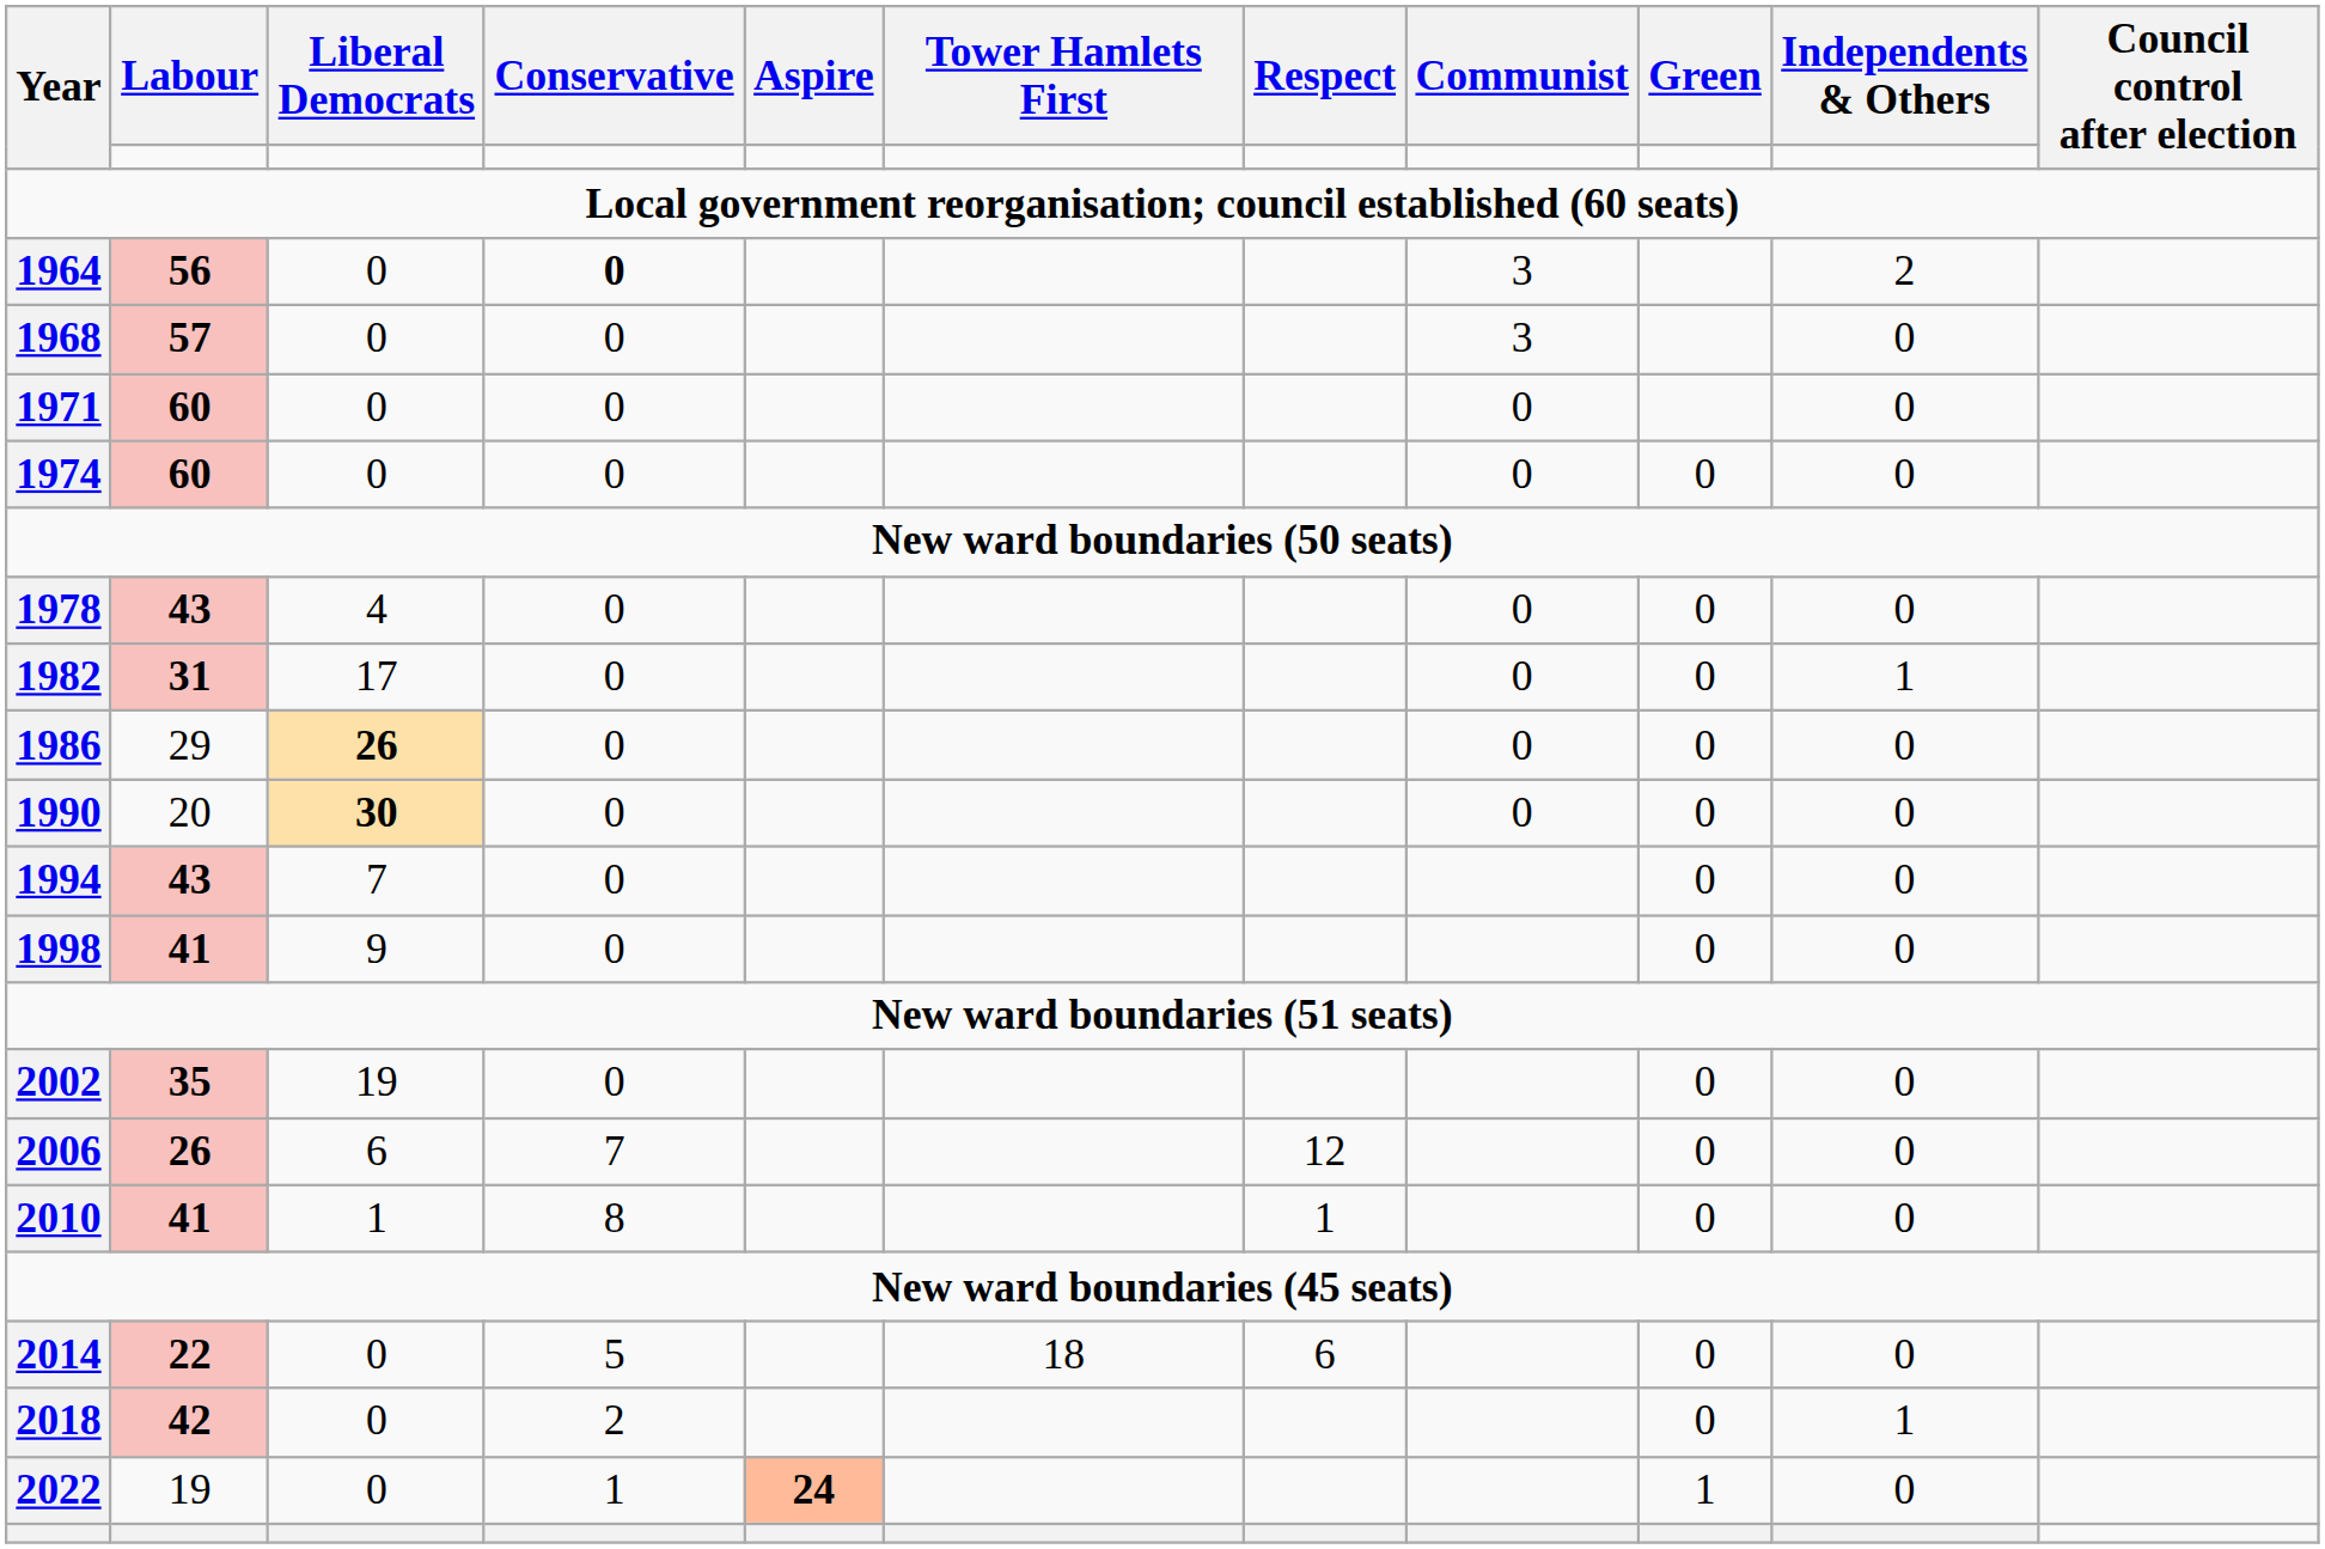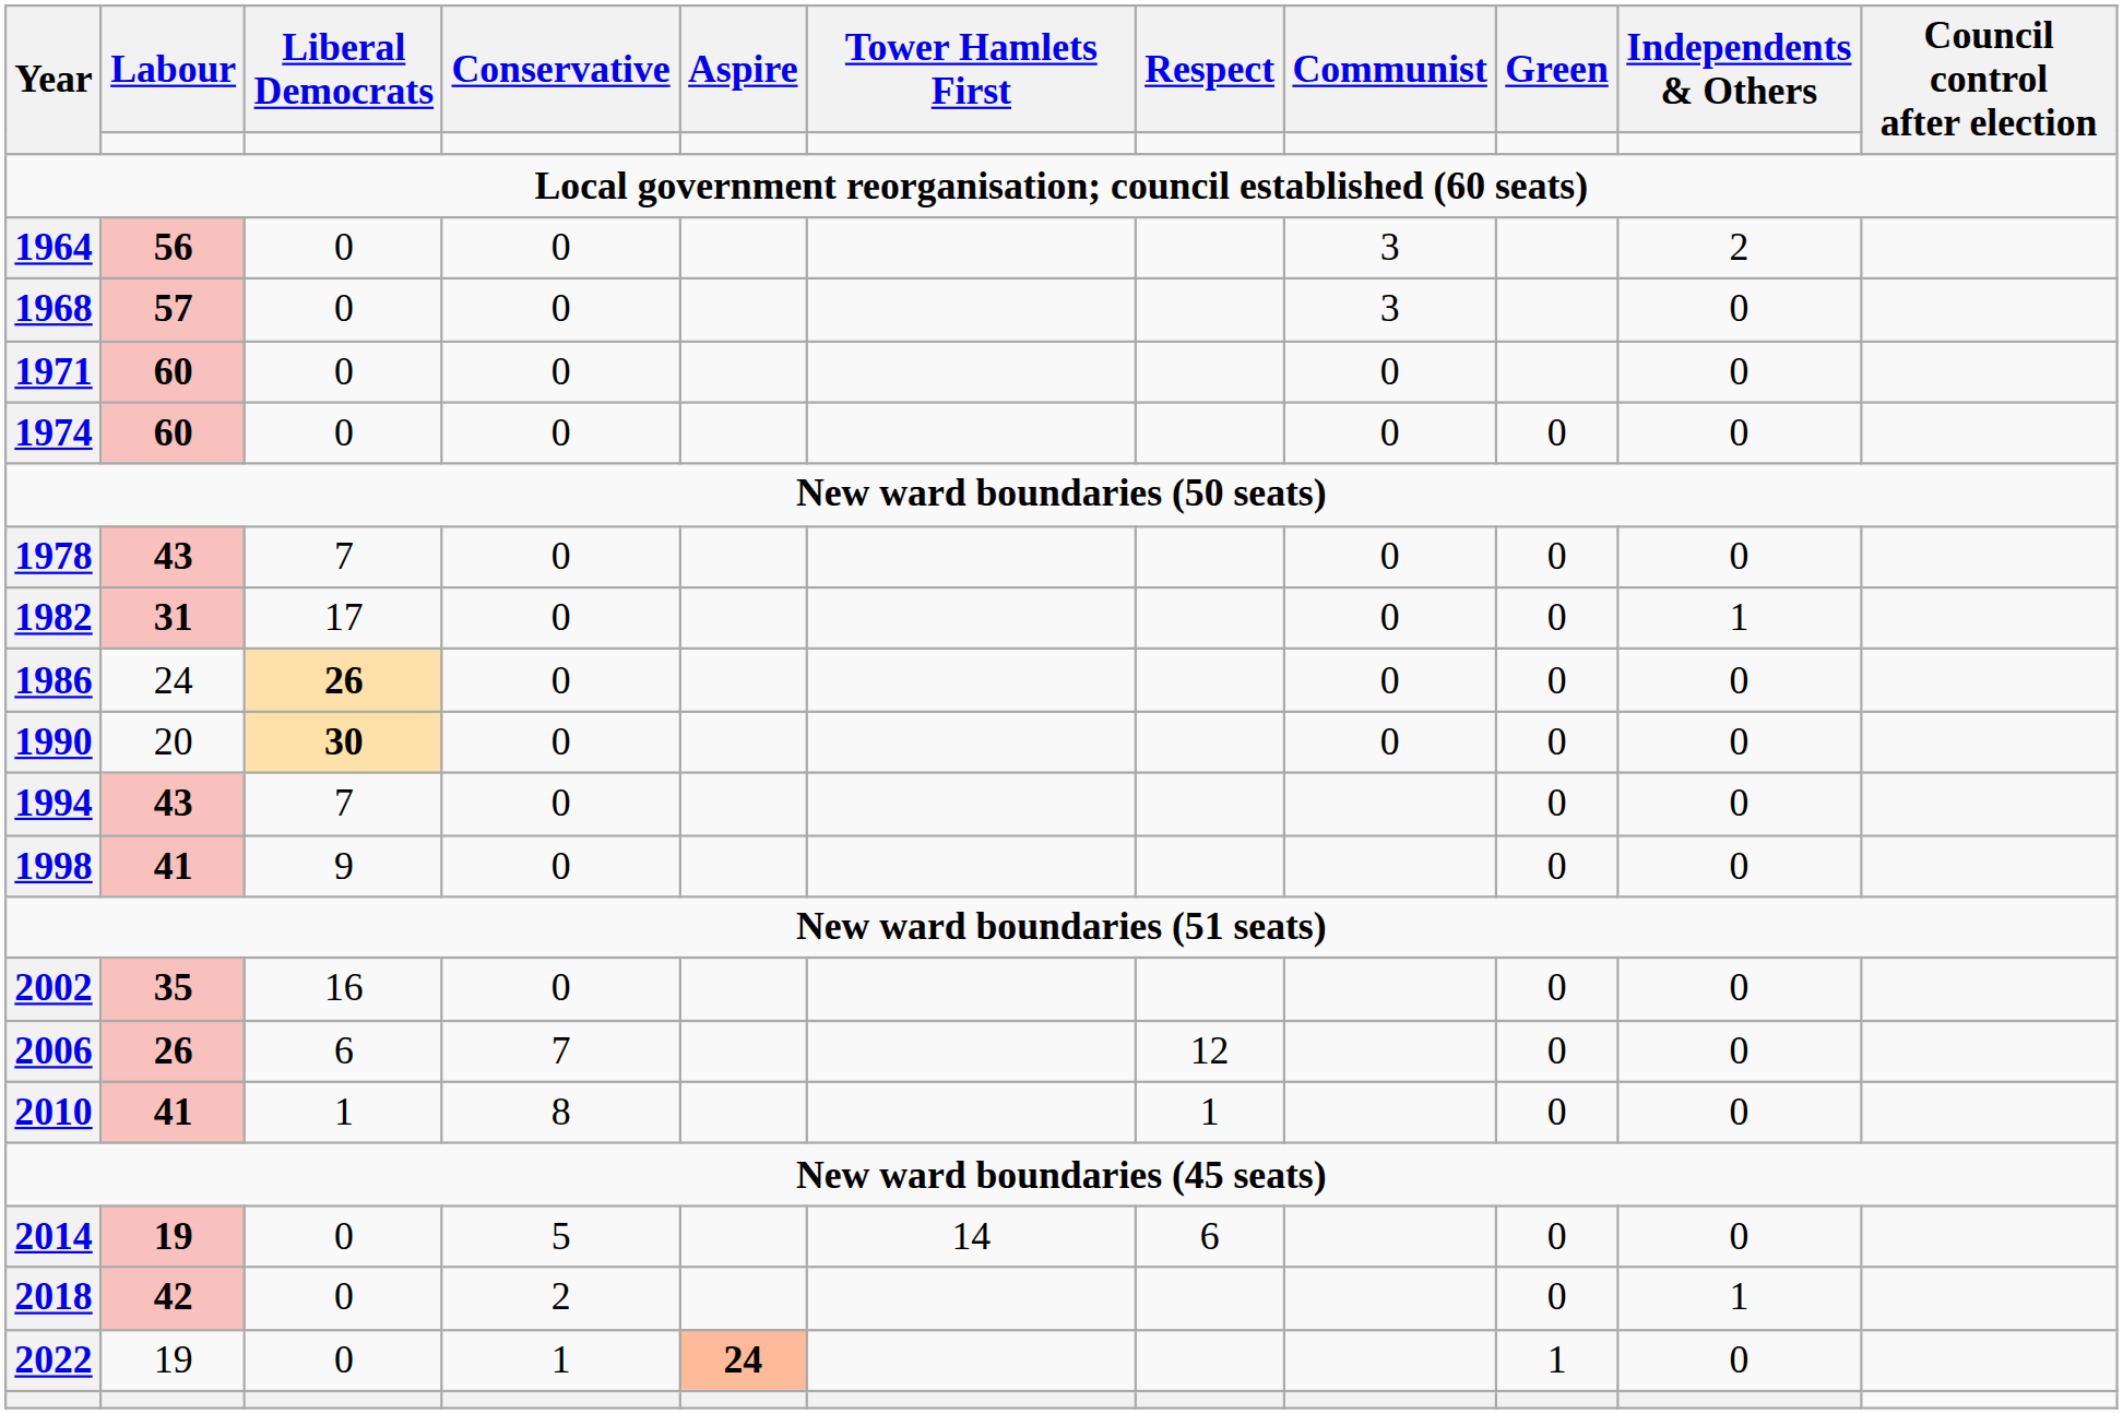 <table class="wikitable plainrowheaders" style="text-align:center">
 <tr>
 <th scope="col" rowspan="2">Year</th>
 <th scope="col"><a href='#'>Labour</a></th>
 <th scope="col" style="width:1px"><a href='#'>Liberal Democrats</a></th>
 <th scope="col"><a href='#'>Conservative</a></th>
 <th scope="col"><a href='#'>Aspire</a></th>
 <th scope="col"><a href='#'>Tower Hamlets First</a></th>
 <th scope="col"><a href='#'>Respect</a></th>
 <th scope="col"><a href='#'>Communist</a></th>
 <th scope="col"><a href='#'>Green</a></th>
 <th scope="col"><a href='#'>Independents</a><br>& Others</th>
 <th scope="col" rowspan="2" colspan="2">Council control<br>after election</th>
 </tr>
 <tr>
 <td style="background:"></td>
 <td style="background:"></td>
 <td style="background:"></td>
 <td style="background:"></td>
 <td style="background:"></td>
 <td style="background:"></td>
 <td style="background:"></td>
 <td style="background:"></td>
 <td style="background:"></td>
 </tr>
 <tr>
 <td colspan="12"><strong>Local government reorganisation; council established (60 seats)</strong></td>
 </tr>
 <tr>
 <th scope="row"><a href='#'>1964</a></th>
 <td style="background:#F8C1BE;"><strong>56</strong></td>
 <td>0</td>
-<td><strong>0</strong></td>
+<td>0</td>
 <td></td>
 <td></td>
 <td></td>
 <td>3</td>
 <td></td>
 <td>2</td>
 <td></td>
 </tr>
 <tr>
 <th scope="row"><a href='#'>1968</a></th>
 <td style="background:#F8C1BE;"><strong>57</strong></td>
 <td>0</td>
 <td>0</td>
 <td></td>
 <td></td>
 <td></td>
 <td>3</td>
 <td></td>
 <td>0</td>
 <td></td>
 </tr>
 <tr>
 <th scope="row"><a href='#'>1971</a></th>
 <td style="background:#F8C1BE;"><strong>60</strong></td>
 <td>0</td>
 <td>0</td>
 <td></td>
 <td></td>
 <td></td>
 <td>0</td>
 <td></td>
 <td>0</td>
 <td></td>
 </tr>
 <tr>
 <th scope="row"><a href='#'>1974</a></th>
 <td style="background:#F8C1BE;"><strong>60</strong></td>
 <td>0</td>
 <td>0</td>
 <td></td>
 <td></td>
 <td></td>
 <td>0</td>
 <td>0</td>
 <td>0</td>
 <td></td>
 </tr>
 <tr>
 <td colspan="12"><strong>New ward boundaries (50 seats)</strong></td>
 </tr>
 <tr>
 <th scope="row"><a href='#'>1978</a></th>
 <td style="background:#F8C1BE;"><strong>43</strong></td>
-<td>4</td>
+<td>7</td>
 <td>0</td>
 <td></td>
 <td></td>
 <td></td>
 <td>0</td>
 <td>0</td>
 <td>0</td>
 <td></td>
 </tr>
 <tr>
 <th scope="row"><a href='#'>1982</a></th>
 <td style="background:#F8C1BE;"><strong>31</strong></td>
 <td>17</td>
 <td>0</td>
 <td></td>
 <td></td>
 <td></td>
 <td>0</td>
 <td>0</td>
 <td>1</td>
 <td></td>
 </tr>
 <tr>
 <th scope="row"><a href='#'>1986</a></th>
-<td>29</td>
+<td>24</td>
 <td style="background:#FEE1A8"><strong>26</strong></td>
 <td>0</td>
 <td></td>
 <td></td>
 <td></td>
 <td>0</td>
 <td>0</td>
 <td>0</td>
 <td></td>
 </tr>
 <tr>
 <th scope="row"><a href='#'>1990</a></th>
 <td>20</td>
 <td style="background:#FEE1A8"><strong>30</strong></td>
 <td>0</td>
 <td></td>
 <td></td>
 <td></td>
 <td>0</td>
 <td>0</td>
 <td>0</td>
 <td></td>
 </tr>
 <tr>
 <th scope="row"><a href='#'>1994</a></th>
 <td style="background:#F8C1BE;"><strong>43</strong></td>
 <td>7</td>
 <td>0</td>
 <td></td>
 <td></td>
 <td></td>
 <td></td>
 <td>0</td>
 <td>0</td>
 <td></td>
 </tr>
 <tr>
 <th scope="row"><a href='#'>1998</a></th>
 <td style="background:#F8C1BE;"><strong>41</strong></td>
 <td>9</td>
 <td>0</td>
 <td></td>
 <td></td>
 <td></td>
 <td></td>
 <td>0</td>
 <td>0</td>
 <td></td>
 </tr>
 <tr>
 <td colspan="12"><strong>New ward boundaries (51 seats)</strong></td>
 </tr>
 <tr>
 <th scope="row"><a href='#'>2002</a></th>
 <td style="background:#F8C1BE;"><strong>35</strong></td>
-<td>19</td>
+<td>16</td>
 <td>0</td>
 <td></td>
 <td></td>
 <td></td>
 <td></td>
 <td>0</td>
 <td>0</td>
 <td></td>
 </tr>
 <tr>
 <th scope="row"><a href='#'>2006</a></th>
 <td style="background:#F8C1BE;"><strong>26</strong></td>
 <td>6</td>
 <td>7</td>
 <td></td>
 <td></td>
 <td>12</td>
 <td></td>
 <td>0</td>
 <td>0</td>
 <td></td>
 </tr>
 <tr>
 <th scope="row"><a href='#'>2010</a></th>
 <td style="background:#F8C1BE;"><strong>41</strong></td>
 <td>1</td>
 <td>8</td>
 <td></td>
 <td></td>
 <td>1</td>
 <td></td>
 <td>0</td>
 <td>0</td>
 <td></td>
 </tr>
 <tr>
 <td colspan="12"><strong>New ward boundaries (45 seats)</strong></td>
 </tr>
 <tr>
 <th scope="row"><a href='#'>2014</a></th>
-<td style="background:#F8C1BE;"><strong>22</strong></td>
+<td style="background:#F8C1BE;"><strong>19</strong></td>
 <td>0</td>
 <td>5</td>
 <td></td>
-<td>18</td>
+<td>14</td>
 <td>6</td>
 <td></td>
 <td>0</td>
 <td>0</td>
 <td></td>
 </tr>
 <tr>
 <th scope="row"><a href='#'>2018</a></th>
 <td style="background:#F8C1BE;"><strong>42</strong></td>
 <td>0</td>
 <td>2</td>
 <td></td>
 <td></td>
 <td></td>
 <td></td>
 <td>0</td>
 <td>1</td>
 <td></td>
 </tr>
 <tr>
 <th scope="row"><a href='#'>2022</a></th>
 <td>19</td>
 <td>0</td>
 <td>1</td>
 <td style="background:#ffbb99"><strong>24</strong></td>
 <td></td>
 <td></td>
 <td></td>
 <td>1</td>
 <td>0</td>
 <td></td>
 </tr>
 <tr>
 <th></th>
 <th style="background-color: "></th>
 <th style="background-color: "></th>
 <th style="background-color: "></th>
 <th style="background-color: "></th>
 <th style="background-color: "></th>
 <th style="background-color: "></th>
 <th style="background-color: "></th>
 <th style="background-color: "></th>
 <th style="background-color: "></th>
 </tr>
 </table>
